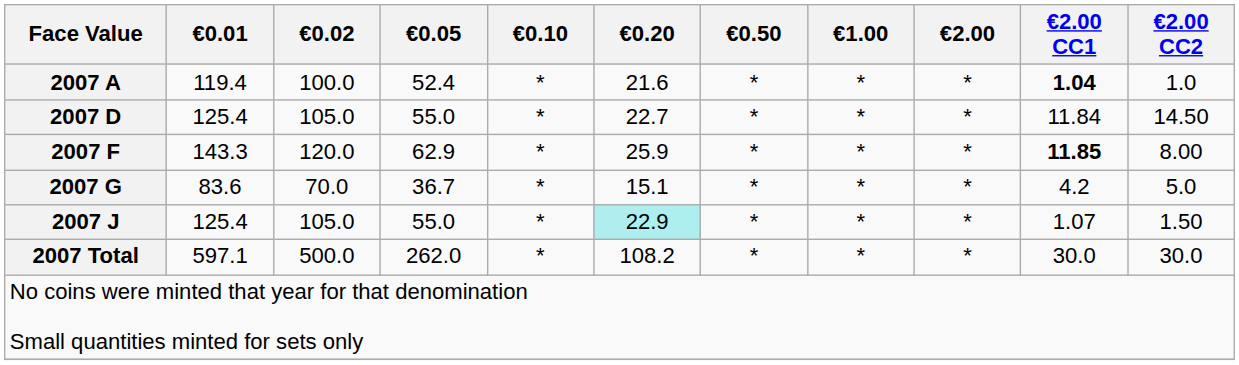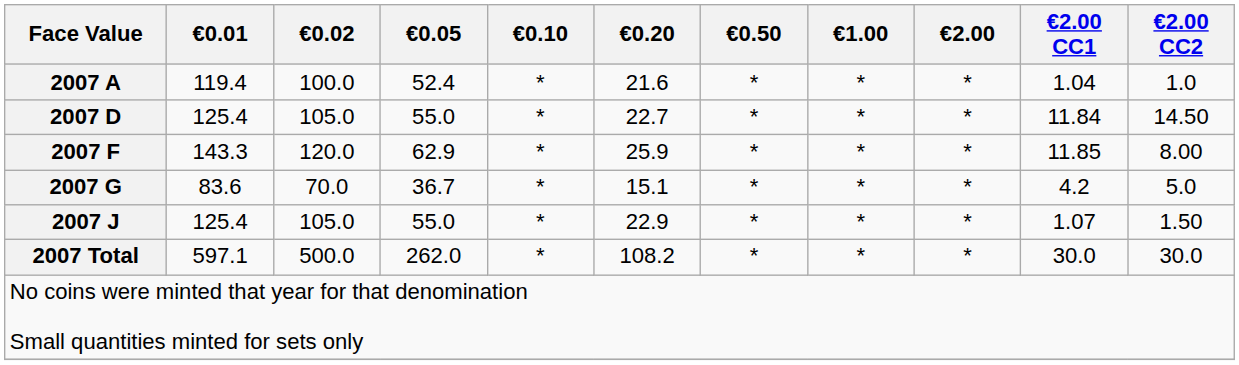 <table class="wikitable" style="text-align:center">
 <tr>
 <th align=left width=110px>Face Value</th>
 <th align=left width=70px>€0.01</th>
 <th align=left width=70px>€0.02</th>
 <th align=left width=70px>€0.05</th>
 <th align=left width=70px>€0.10</th>
 <th align=left width=70px>€0.20</th>
 <th align=left width=70px>€0.50</th>
 <th align=left width=70px>€1.00</th>
 <th align=left width=70px>€2.00</th>
 <th align=left width=70px><a href='#'>€2.00 CC1</a></th>
 <th align=left width=70px><a href='#'>€2.00 CC2</a></th>
 </tr>
 <tr>
 <th>2007 A</th>
 <td>119.4</td>
 <td>100.0</td>
 <td>52.4</td>
 <td>*</td>
 <td>21.6</td>
 <td>*</td>
 <td>*</td>
 <td>*</td>
-<td><strong>1.04</strong></td>
+<td>1.04</td>
 <td>1.0</td>
 </tr>
 <tr>
 <th>2007 D</th>
 <td>125.4</td>
 <td>105.0</td>
 <td>55.0</td>
 <td>*</td>
 <td>22.7</td>
 <td>*</td>
 <td>*</td>
 <td>*</td>
 <td>11.84</td>
 <td>14.50</td>
 </tr>
 <tr>
 <th>2007 F</th>
 <td>143.3</td>
 <td>120.0</td>
 <td>62.9</td>
 <td>*</td>
 <td>25.9</td>
 <td>*</td>
 <td>*</td>
 <td>*</td>
-<td><strong>11.85</strong></td>
+<td>11.85</td>
 <td>8.00</td>
 </tr>
 <tr>
 <th>2007 G</th>
 <td>83.6</td>
 <td>70.0</td>
 <td>36.7</td>
 <td>*</td>
 <td>15.1</td>
 <td>*</td>
 <td>*</td>
 <td>*</td>
 <td>4.2</td>
 <td>5.0</td>
 </tr>
 <tr>
 <th>2007 J</th>
 <td>125.4</td>
 <td>105.0</td>
 <td>55.0</td>
 <td>*</td>
-<td style="background: paleturquoise;">22.9</td>
+<td>22.9</td>
 <td>*</td>
 <td>*</td>
 <td>*</td>
 <td>1.07</td>
 <td>1.50</td>
 </tr>
 <tr>
 <th>2007 Total</th>
 <td>597.1</td>
 <td>500.0</td>
 <td>262.0</td>
 <td>*</td>
 <td>108.2</td>
 <td>*</td>
 <td>*</td>
 <td>*</td>
 <td>30.0</td>
 <td>30.0</td>
 </tr>
 <tr>
 <td align=left colspan=11> No coins were minted that year for that denomination<br><br> Small quantities minted for sets only</td>
 </tr>
 <tr>
 </tr>
 </table>
